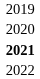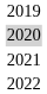 <table>
 <tr>
 <td>2019</td>
 <td></td>
 <td></td>
 <td></td>
 </tr>
 <tr>
-<td>2020</td>
+<td style="background: lightgrey;">2020</td>
 <td></td>
 <td></td>
 <td></td>
 </tr>
 <tr>
-<td><strong>2021</strong></td>
+<td>2021</td>
 <td></td>
 <td></td>
 <td></td>
 </tr>
 <tr>
 <td>2022</td>
 <td></td>
 <td></td>
 <td></td>
 </tr>
 </table>
